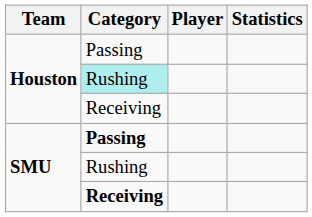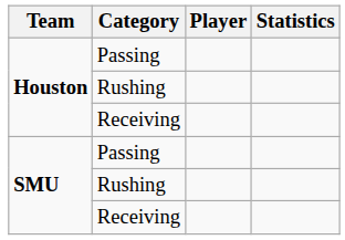 <table class="wikitable" style="float: right;">
 <tr>
 <th>Team</th>
 <th>Category</th>
 <th>Player</th>
 <th>Statistics</th>
 </tr>
 <tr>
 <td rowspan=3><strong>Houston</strong></td>
 <td>Passing</td>
 <td></td>
 <td></td>
 </tr>
 <tr>
-<td style="background: paleturquoise;">Rushing</td>
+<td>Rushing</td>
 <td></td>
 <td></td>
 </tr>
 <tr>
 <td>Receiving</td>
 <td></td>
 <td></td>
 </tr>
 <tr>
 <td rowspan=3><strong>SMU</strong></td>
-<td><strong>Passing</strong></td>
+<td>Passing</td>
 <td></td>
 <td></td>
 </tr>
 <tr>
 <td>Rushing</td>
 <td></td>
 <td></td>
 </tr>
 <tr>
-<td><strong>Receiving</strong></td>
+<td>Receiving</td>
 <td></td>
 <td></td>
 </tr>
 </table>
